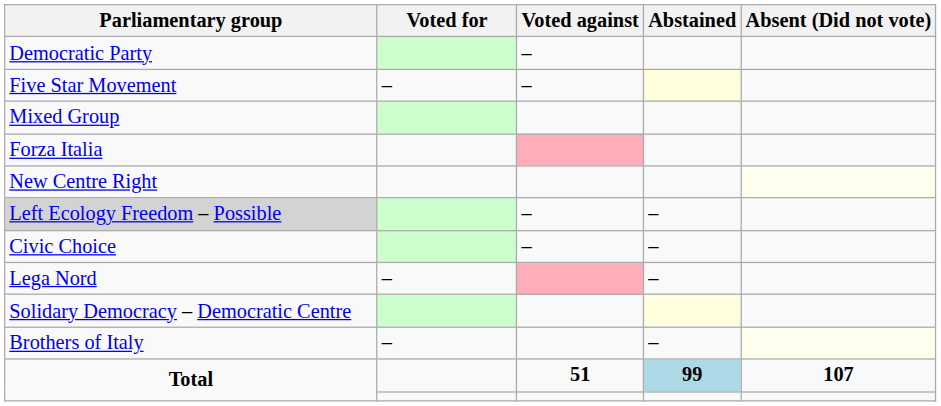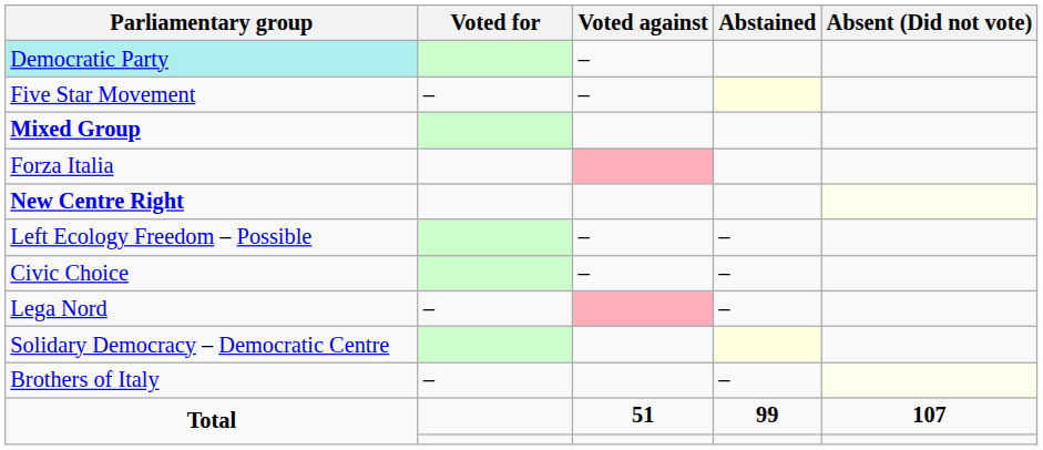 <table class="wikitable">
 <tr>
 <th style="width:40%;">Parliamentary group</th>
 <th style="width:15%;">Voted for</th>
 <th>Voted against</th>
 <th>Abstained</th>
 <th>Absent (Did not vote)</th>
 </tr>
 <tr>
-<td> <a href='#'>Democratic Party</a></td>
+<td style="background: paleturquoise;"> <a href='#'>Democratic Party</a></td>
 <td style="background-color:#CCFFCC;"></td>
 <td>–</td>
 <td></td>
 <td></td>
 </tr>
 <tr>
 <td> <a href='#'>Five Star Movement</a></td>
 <td>–</td>
 <td>–</td>
 <td style="background-color:#FFD;"></td>
 <td></td>
 </tr>
 <tr>
-<td> <a href='#'>Mixed Group</a></td>
+<td><strong> <a href='#'>Mixed Group</a></strong></td>
 <td style="background-color:#CCFFCC;"></td>
 <td></td>
 <td></td>
 <td></td>
 </tr>
 <tr>
 <td> <a href='#'>Forza Italia</a></td>
 <td></td>
 <td style="background-color:#FFAEB9;"></td>
 <td></td>
 <td></td>
 </tr>
 <tr>
-<td> <a href='#'>New Centre Right</a></td>
+<td><strong> <a href='#'>New Centre Right</a></strong></td>
 <td></td>
 <td></td>
 <td></td>
 <td style="background-color:#FFE;"></td>
 </tr>
 <tr>
-<td style="background: lightgrey;"> <a href='#'>Left Ecology Freedom</a> – <a href='#'>Possible</a></td>
+<td> <a href='#'>Left Ecology Freedom</a> – <a href='#'>Possible</a></td>
 <td style="background-color:#CCFFCC;"></td>
 <td>–</td>
 <td>–</td>
 <td></td>
 </tr>
 <tr>
 <td> <a href='#'>Civic Choice</a></td>
 <td style="background-color:#CCFFCC;"></td>
 <td>–</td>
 <td>–</td>
 <td></td>
 </tr>
 <tr>
 <td> <a href='#'>Lega Nord</a></td>
 <td>–</td>
 <td style="background-color:#FFAEB9;"></td>
 <td>–</td>
 <td></td>
 </tr>
 <tr>
 <td> <a href='#'>Solidary Democracy</a> – <a href='#'>Democratic Centre</a></td>
 <td style="background-color:#CCFFCC;"></td>
 <td></td>
 <td style="background-color:#FFD;"></td>
 <td></td>
 </tr>
 <tr>
 <td> <a href='#'>Brothers of Italy</a></td>
 <td>–</td>
 <td></td>
 <td>–</td>
 <td style="background-color:#FFE;"></td>
 </tr>
 <tr>
 <td style="text-align:center;" rowspan="2"><strong>Total</strong></td>
 <td></td>
 <td style="text-align:center;"><strong>51</strong></td>
-<td style="background: lightblue; text-align:center;"><strong>99</strong></td>
+<td style="text-align:center;"><strong>99</strong></td>
 <td style="text-align:center;"><strong>107</strong></td>
 </tr>
 <tr>
 <td style="text-align:center;"></td>
 <td style="text-align:center;"></td>
 <td style="text-align:center;"></td>
 <td style="text-align:center;"></td>
 </tr>
 </table>
